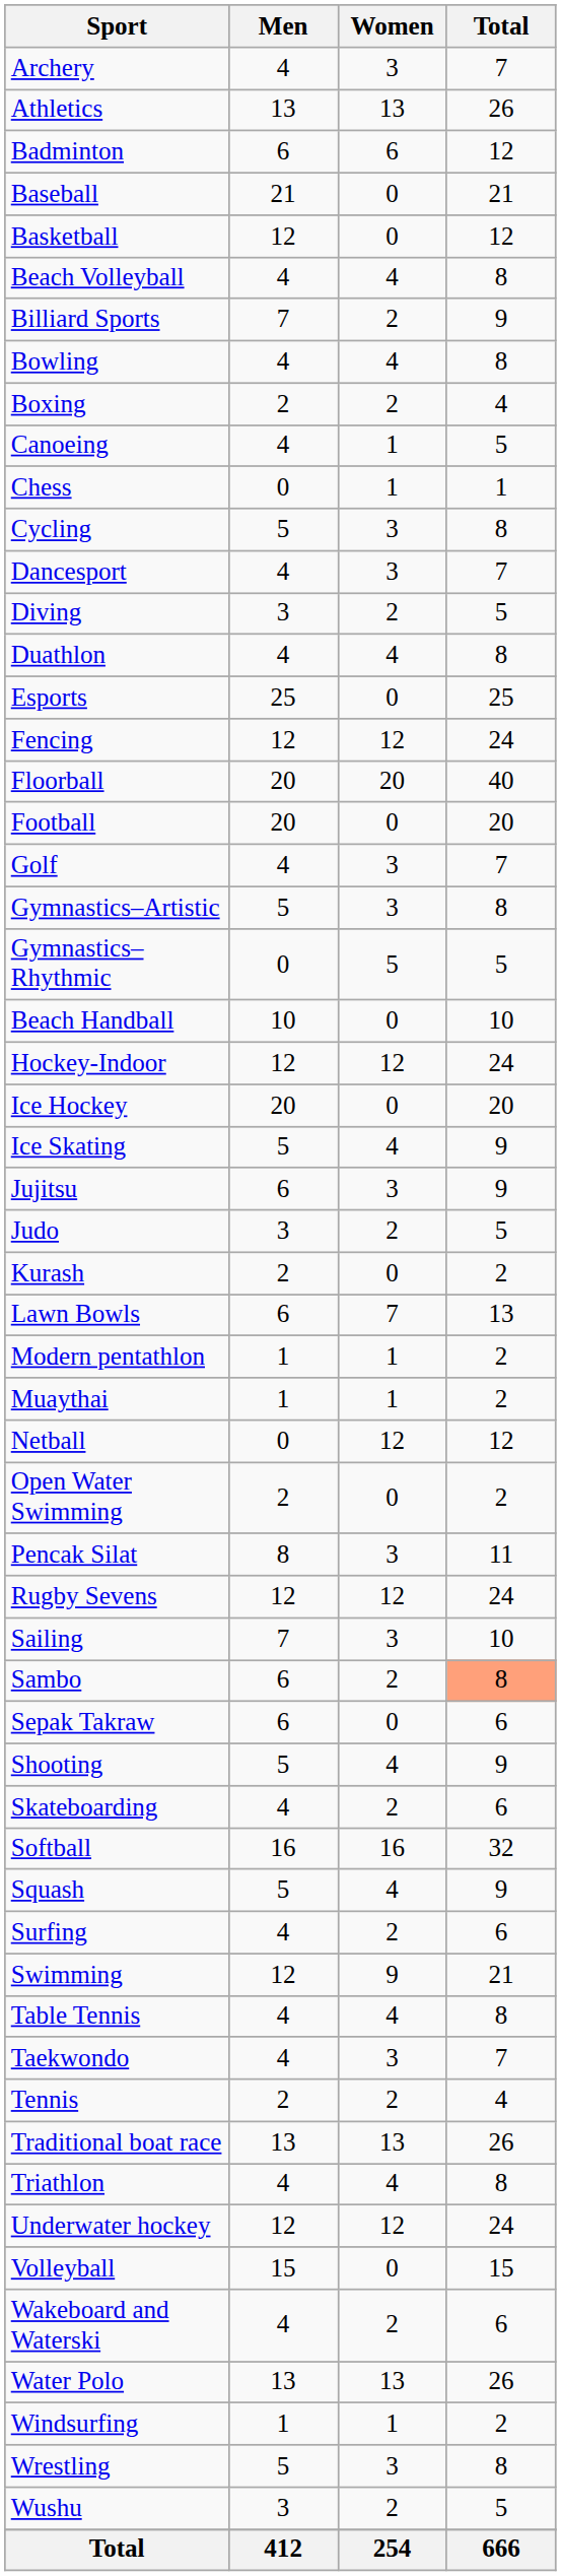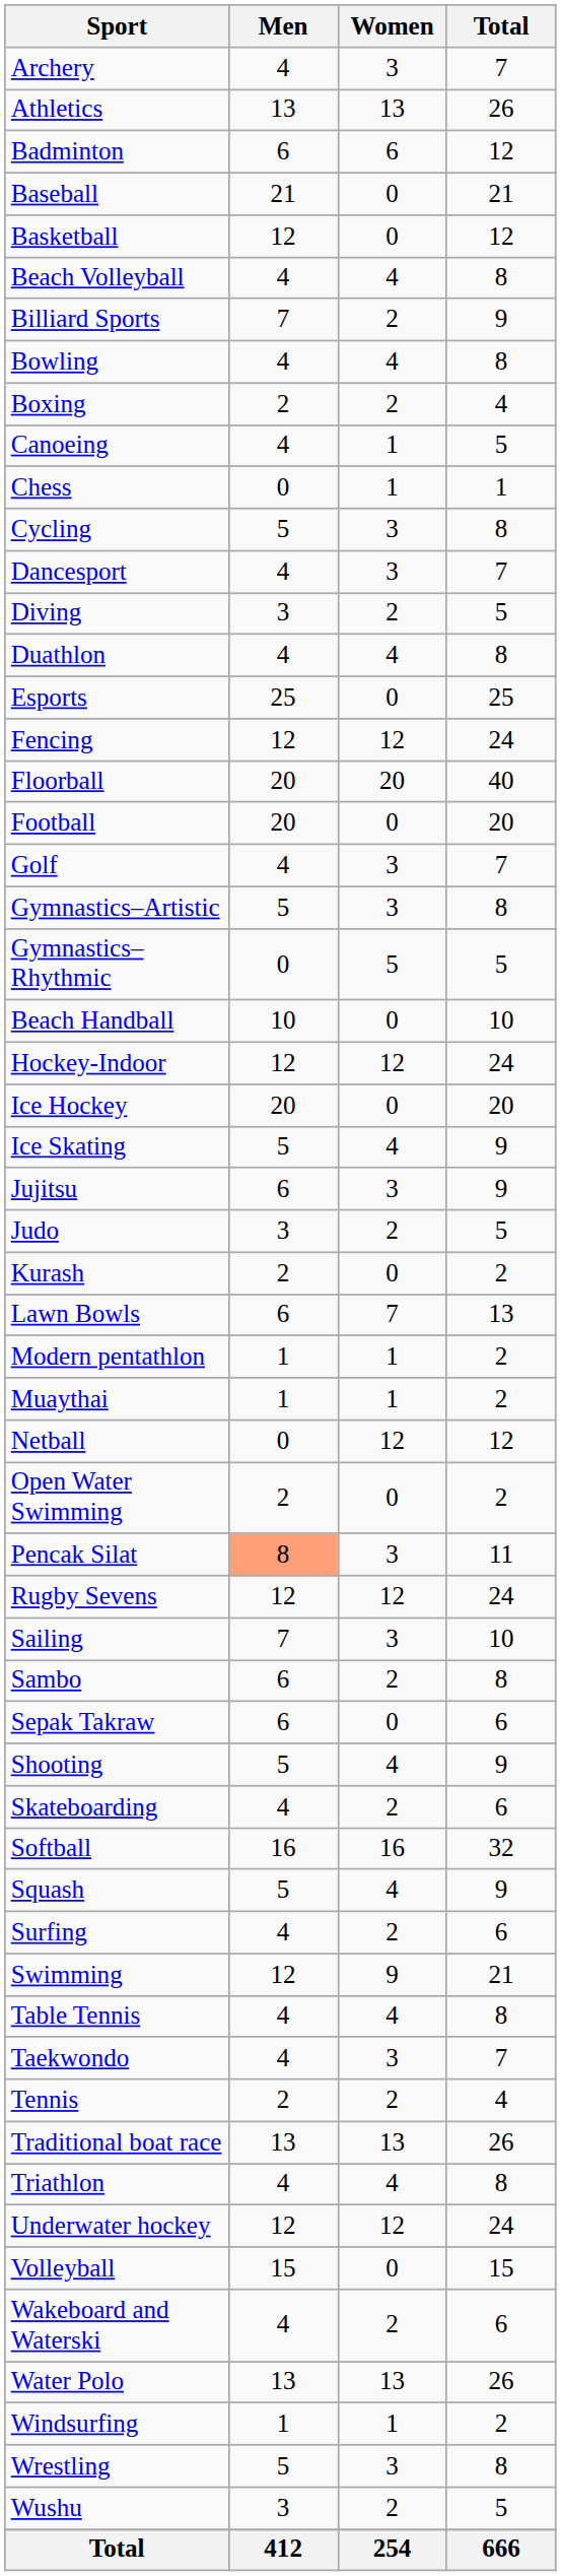 <table class="wikitable sortable" style="font-size:90%; text-align:center;">
 <tr>
 <th width=120>Sport</th>
 <th width=55>Men</th>
 <th width=55>Women</th>
 <th width=55>Total</th>
 </tr>
 <tr>
 <td align=left><a href='#'>Archery</a></td>
 <td>4</td>
 <td>3</td>
 <td>7</td>
 </tr>
 <tr>
 <td align=left><a href='#'>Athletics</a></td>
 <td>13</td>
 <td>13</td>
 <td>26</td>
 </tr>
 <tr>
 <td align=left><a href='#'>Badminton</a></td>
 <td>6</td>
 <td>6</td>
 <td>12</td>
 </tr>
 <tr>
 <td align=left><a href='#'>Baseball</a></td>
 <td>21</td>
 <td>0</td>
 <td>21</td>
 </tr>
 <tr>
 <td align=left><a href='#'>Basketball</a></td>
 <td>12</td>
 <td>0</td>
 <td>12</td>
 </tr>
 <tr>
 <td align=left><a href='#'>Beach Volleyball</a></td>
 <td>4</td>
 <td>4</td>
 <td>8</td>
 </tr>
 <tr>
 <td align=left><a href='#'>Billiard Sports</a></td>
 <td>7</td>
 <td>2</td>
 <td>9</td>
 </tr>
 <tr>
 <td align=left><a href='#'>Bowling</a></td>
 <td>4</td>
 <td>4</td>
 <td>8</td>
 </tr>
 <tr>
 <td align=left><a href='#'>Boxing</a></td>
 <td>2</td>
 <td>2</td>
 <td>4</td>
 </tr>
 <tr>
 <td align=left><a href='#'>Canoeing</a></td>
 <td>4</td>
 <td>1</td>
 <td>5</td>
 </tr>
 <tr>
 <td align=left><a href='#'>Chess</a></td>
 <td>0</td>
 <td>1</td>
 <td>1</td>
 </tr>
 <tr>
 <td align=left><a href='#'>Cycling</a></td>
 <td>5</td>
 <td>3</td>
 <td>8</td>
 </tr>
 <tr>
 <td align=left><a href='#'>Dancesport</a></td>
 <td>4</td>
 <td>3</td>
 <td>7</td>
 </tr>
 <tr>
 <td align=left><a href='#'>Diving</a></td>
 <td>3</td>
 <td>2</td>
 <td>5</td>
 </tr>
 <tr>
 <td align=left><a href='#'>Duathlon</a></td>
 <td>4</td>
 <td>4</td>
 <td>8</td>
 </tr>
 <tr>
 <td align=left><a href='#'>Esports</a></td>
 <td>25</td>
 <td>0</td>
 <td>25</td>
 </tr>
 <tr>
 <td align=left><a href='#'>Fencing</a></td>
 <td>12</td>
 <td>12</td>
 <td>24</td>
 </tr>
 <tr>
 <td align=left><a href='#'>Floorball</a></td>
 <td>20</td>
 <td>20</td>
 <td>40</td>
 </tr>
 <tr>
 <td align=left><a href='#'>Football</a></td>
 <td>20</td>
 <td>0</td>
 <td>20</td>
 </tr>
 <tr>
 <td align=left><a href='#'>Golf</a></td>
 <td>4</td>
 <td>3</td>
 <td>7</td>
 </tr>
 <tr>
 <td align=left><a href='#'>Gymnastics–Artistic</a></td>
 <td>5</td>
 <td>3</td>
 <td>8</td>
 </tr>
 <tr>
 <td align=left><a href='#'>Gymnastics–Rhythmic</a></td>
 <td>0</td>
 <td>5</td>
 <td>5</td>
 </tr>
 <tr>
 <td align=left><a href='#'>Beach Handball</a></td>
 <td>10</td>
 <td>0</td>
 <td>10</td>
 </tr>
 <tr>
 <td align=left><a href='#'>Hockey-Indoor</a></td>
 <td>12</td>
 <td>12</td>
 <td>24</td>
 </tr>
 <tr>
 <td align=left><a href='#'>Ice Hockey</a></td>
 <td>20</td>
 <td>0</td>
 <td>20</td>
 </tr>
 <tr>
 <td align=left><a href='#'>Ice Skating</a></td>
 <td>5</td>
 <td>4</td>
 <td>9</td>
 </tr>
 <tr>
 <td align=left><a href='#'>Jujitsu</a></td>
 <td>6</td>
 <td>3</td>
 <td>9</td>
 </tr>
 <tr>
 <td align=left><a href='#'>Judo</a></td>
 <td>3</td>
 <td>2</td>
 <td>5</td>
 </tr>
 <tr>
 <td align=left><a href='#'>Kurash</a></td>
 <td>2</td>
 <td>0</td>
 <td>2</td>
 </tr>
 <tr>
 <td align=left><a href='#'>Lawn Bowls</a></td>
 <td>6</td>
 <td>7</td>
 <td>13</td>
 </tr>
 <tr>
 <td align=left><a href='#'>Modern pentathlon</a></td>
 <td>1</td>
 <td>1</td>
 <td>2</td>
 </tr>
 <tr>
 <td align=left><a href='#'>Muaythai</a></td>
 <td>1</td>
 <td>1</td>
 <td>2</td>
 </tr>
 <tr>
 <td align=left><a href='#'>Netball</a></td>
 <td>0</td>
 <td>12</td>
 <td>12</td>
 </tr>
 <tr>
 <td align=left><a href='#'>Open Water Swimming</a></td>
 <td>2</td>
 <td>0</td>
 <td>2</td>
 </tr>
 <tr>
 <td align=left><a href='#'>Pencak Silat</a></td>
-<td>8</td>
+<td style="background: lightsalmon;">8</td>
 <td>3</td>
 <td>11</td>
 </tr>
 <tr>
 <td align=left><a href='#'>Rugby Sevens</a></td>
 <td>12</td>
 <td>12</td>
 <td>24</td>
 </tr>
 <tr>
 <td align=left><a href='#'>Sailing</a></td>
 <td>7</td>
 <td>3</td>
 <td>10</td>
 </tr>
 <tr>
 <td align=left><a href='#'>Sambo</a></td>
 <td>6</td>
 <td>2</td>
-<td style="background: lightsalmon;">8</td>
+<td>8</td>
 </tr>
 <tr>
 <td align=left><a href='#'>Sepak Takraw</a></td>
 <td>6</td>
 <td>0</td>
 <td>6</td>
 </tr>
 <tr>
 <td align=left><a href='#'>Shooting</a></td>
 <td>5</td>
 <td>4</td>
 <td>9</td>
 </tr>
 <tr>
 <td align=left><a href='#'>Skateboarding</a></td>
 <td>4</td>
 <td>2</td>
 <td>6</td>
 </tr>
 <tr>
 <td align=left><a href='#'>Softball</a></td>
 <td>16</td>
 <td>16</td>
 <td>32</td>
 </tr>
 <tr>
 <td align=left><a href='#'>Squash</a></td>
 <td>5</td>
 <td>4</td>
 <td>9</td>
 </tr>
 <tr>
 <td align=left><a href='#'>Surfing</a></td>
 <td>4</td>
 <td>2</td>
 <td>6</td>
 </tr>
 <tr>
 <td align=left><a href='#'>Swimming</a></td>
 <td>12</td>
 <td>9</td>
 <td>21</td>
 </tr>
 <tr>
 <td align=left><a href='#'>Table Tennis</a></td>
 <td>4</td>
 <td>4</td>
 <td>8</td>
 </tr>
 <tr>
 <td align=left><a href='#'>Taekwondo</a></td>
 <td>4</td>
 <td>3</td>
 <td>7</td>
 </tr>
 <tr>
 <td align=left><a href='#'>Tennis</a></td>
 <td>2</td>
 <td>2</td>
 <td>4</td>
 </tr>
 <tr>
 <td align=left><a href='#'>Traditional boat race</a></td>
 <td>13</td>
 <td>13</td>
 <td>26</td>
 </tr>
 <tr>
 <td align=left><a href='#'>Triathlon</a></td>
 <td>4</td>
 <td>4</td>
 <td>8</td>
 </tr>
 <tr>
 <td align=left><a href='#'>Underwater hockey</a></td>
 <td>12</td>
 <td>12</td>
 <td>24</td>
 </tr>
 <tr>
 <td align=left><a href='#'>Volleyball</a></td>
 <td>15</td>
 <td>0</td>
 <td>15</td>
 </tr>
 <tr>
 <td align=left><a href='#'>Wakeboard and Waterski</a></td>
 <td>4</td>
 <td>2</td>
 <td>6</td>
 </tr>
 <tr>
 <td align=left><a href='#'>Water Polo</a></td>
 <td>13</td>
 <td>13</td>
 <td>26</td>
 </tr>
 <tr>
 <td align=left><a href='#'>Windsurfing</a></td>
 <td>1</td>
 <td>1</td>
 <td>2</td>
 </tr>
 <tr>
 <td align=left><a href='#'>Wrestling</a></td>
 <td>5</td>
 <td>3</td>
 <td>8</td>
 </tr>
 <tr>
 <td align=left><a href='#'>Wushu</a></td>
 <td>3</td>
 <td>2</td>
 <td>5</td>
 </tr>
 <tr>
 </tr>
 <tr class="sortbottom">
 <th>Total</th>
 <th>412</th>
 <th>254</th>
 <th>666</th>
 </tr>
 </table>
